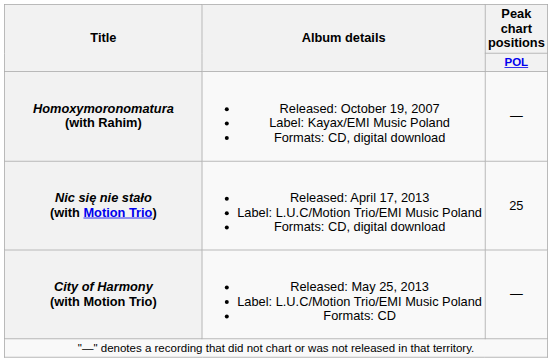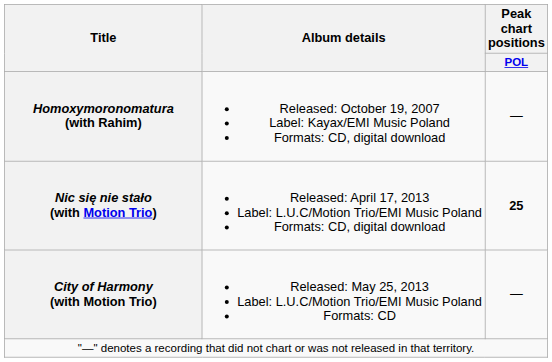 <table class="wikitable plainrowheaders" style="text-align:center;">
 <tr>
 <th scope="col" rowspan="2" style="width:15em;">Title</th>
 <th scope="col" rowspan="2">Album details</th>
 <th scope="col" colspan="1">Peak chart positions</th>
 </tr>
 <tr>
 <th scope="col" style="width:3em;font-size:90%;"><a href='#'>POL</a><br></th>
 </tr>
 <tr>
 <th scope="row"><em>Homoxymoronomatura</em><br>(with Rahim)</th>
 <td><br><ul><li>Released: October 19, 2007</li><li>Label: Kayax/EMI Music Poland</li><li>Formats: CD, digital download</li></ul></td>
 <td>—</td>
 </tr>
 <tr>
 <th scope="row"><em>Nic się nie stało</em><br>(with <a href='#'>Motion Trio</a>)</th>
 <td><br><ul><li>Released: April 17, 2013</li><li>Label: L.U.C/Motion Trio/EMI Music Poland</li><li>Formats: CD, digital download</li></ul></td>
-<td>25</td>
+<td><strong>25</strong></td>
 </tr>
 <tr>
 <th scope="row"><em>City of Harmony</em><br>(with Motion Trio)</th>
 <td><br><ul><li>Released: May 25, 2013</li><li>Label: L.U.C/Motion Trio/EMI Music Poland</li><li>Formats: CD</li></ul></td>
 <td>—</td>
 </tr>
 <tr>
 <td colspan="10" style="font-size:90%">"—" denotes a recording that did not chart or was not released in that territory.</td>
 </tr>
 </table>
